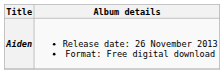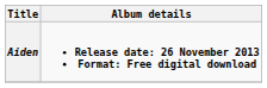 <table class="wikitable plainrowheaders" style="text-align:center;">
 <tr>
 <th scope="col">Title</th>
 <th scope="col">Album details</th>
 </tr>
 <tr>
 <th scope="row"><em>Aiden</em></th>
-<td><br><ul><li>Release date: 26 November 2013</li><li>Format: Free digital download</li></ul></td>
+<td><strong><br><ul><li>Release date: 26 November 2013</li><li>Format: Free digital download</li></ul></strong></td>
 </tr>
 <tr>
 </tr>
 </table>
